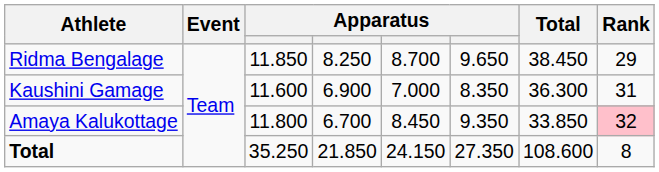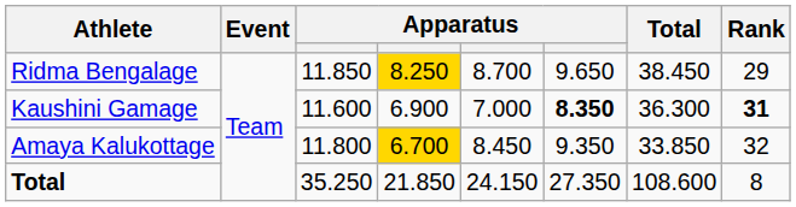 <table class="wikitable" style="font-size:90%">
 <tr>
 <th rowspan=2>Athlete</th>
 <th rowspan=2>Event</th>
 <th colspan=4>Apparatus</th>
 <th rowspan=2>Total</th>
 <th rowspan=2>Rank</th>
 </tr>
 <tr style="font-size:95%">
 <th></th>
 <th></th>
 <th></th>
 <th></th>
 </tr>
 <tr align=center>
 <td align=left><a href='#'>Ridma Bengalage</a></td>
 <td align=left rowspan=4><a href='#'>Team</a></td>
 <td>11.850</td>
-<td>8.250</td>
+<td style="background: gold;">8.250</td>
 <td>8.700</td>
 <td>9.650</td>
 <td>38.450</td>
 <td>29</td>
 </tr>
 <tr align=center>
 <td align=left><a href='#'>Kaushini Gamage</a></td>
 <td>11.600</td>
 <td>6.900</td>
 <td>7.000</td>
-<td>8.350</td>
+<td><strong>8.350</strong></td>
 <td>36.300</td>
-<td>31</td>
+<td><strong>31</strong></td>
 </tr>
 <tr align=center>
 <td align=left><a href='#'>Amaya Kalukottage</a></td>
 <td>11.800</td>
-<td>6.700</td>
+<td style="background: gold;">6.700</td>
 <td>8.450</td>
 <td>9.350</td>
 <td>33.850</td>
-<td style="background: pink;">32</td>
+<td>32</td>
 </tr>
 <tr align=center>
 <td align=left><strong>Total</strong></td>
 <td>35.250</td>
 <td>21.850</td>
 <td>24.150</td>
 <td>27.350</td>
 <td>108.600</td>
 <td>8</td>
 </tr>
 </table>
